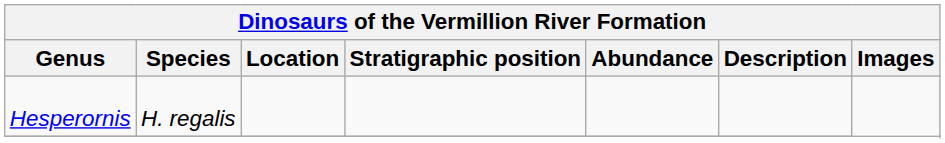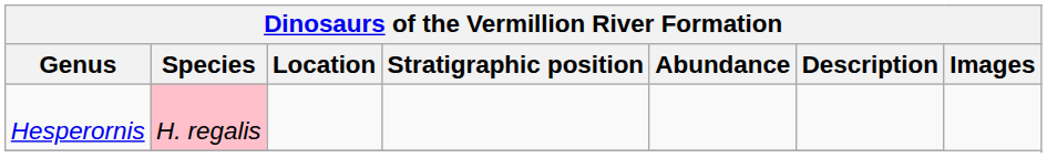 <table class="wikitable" align="center" >
 <tr>
 <th colspan="7" align="center"><strong><a href='#'>Dinosaurs</a> of the Vermillion River Formation</strong></th>
 </tr>
 <tr>
 <th>Genus</th>
 <th>Species</th>
 <th>Location</th>
 <th>Stratigraphic position</th>
 <th>Abundance</th>
 <th>Description</th>
 <th>Images</th>
 </tr>
 <tr>
 <td><br><em><a href='#'>Hesperornis</a></em></td>
-<td><br><em>H. regalis</em></td>
+<td style="background: pink;"><br><em>H. regalis</em></td>
 <td></td>
 <td></td>
 <td></td>
 <td></td>
 <td rowspan="99"><br></td>
 </tr>
 <tr>
 </tr>
 </table>
